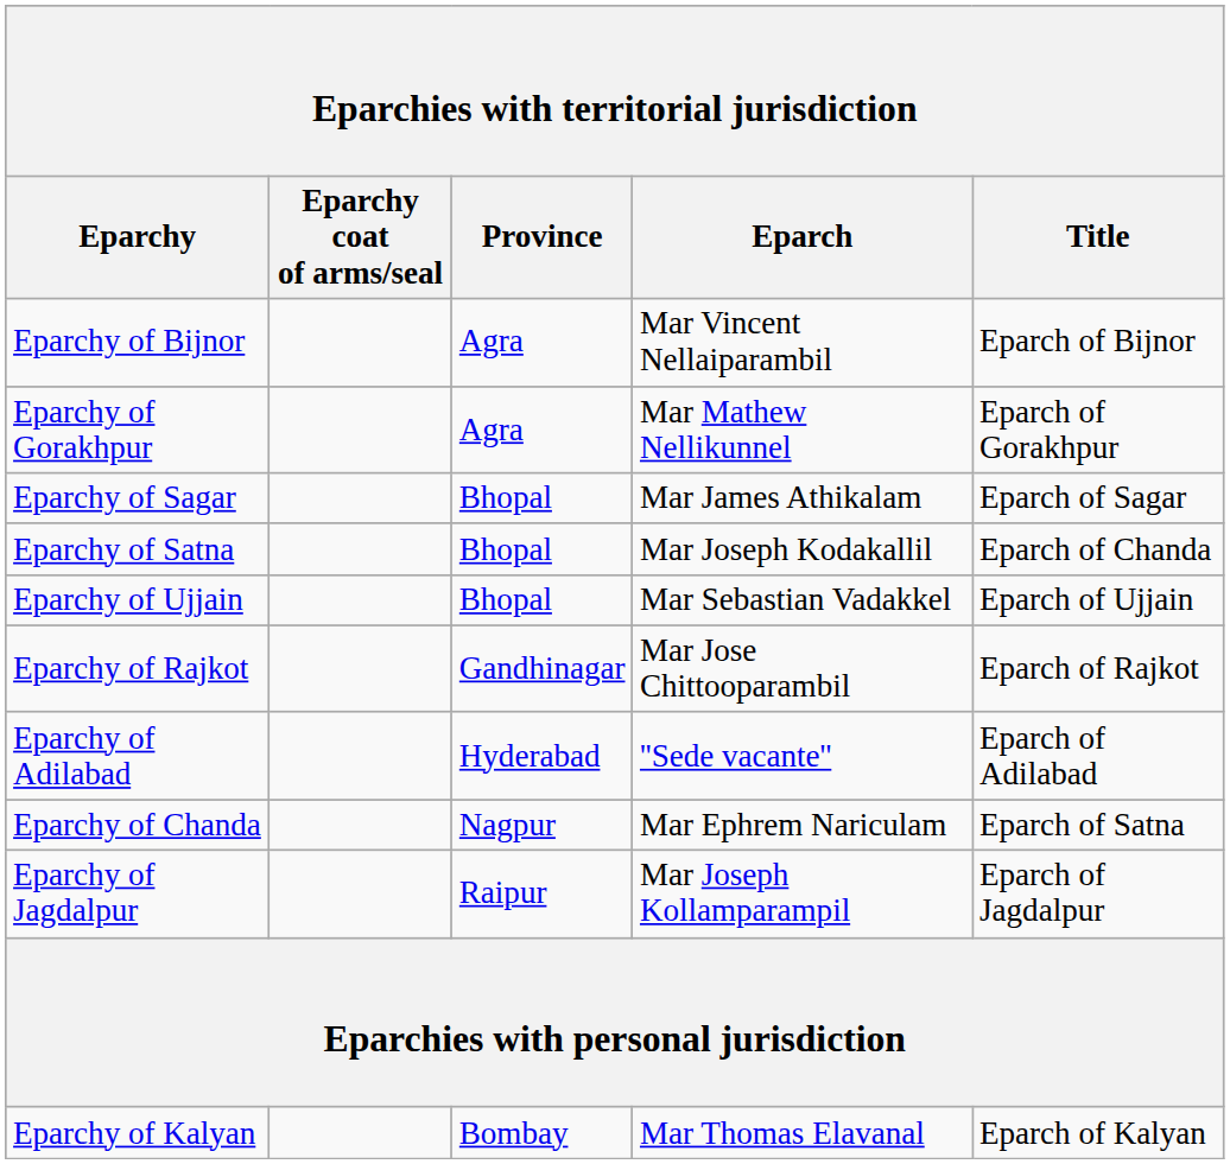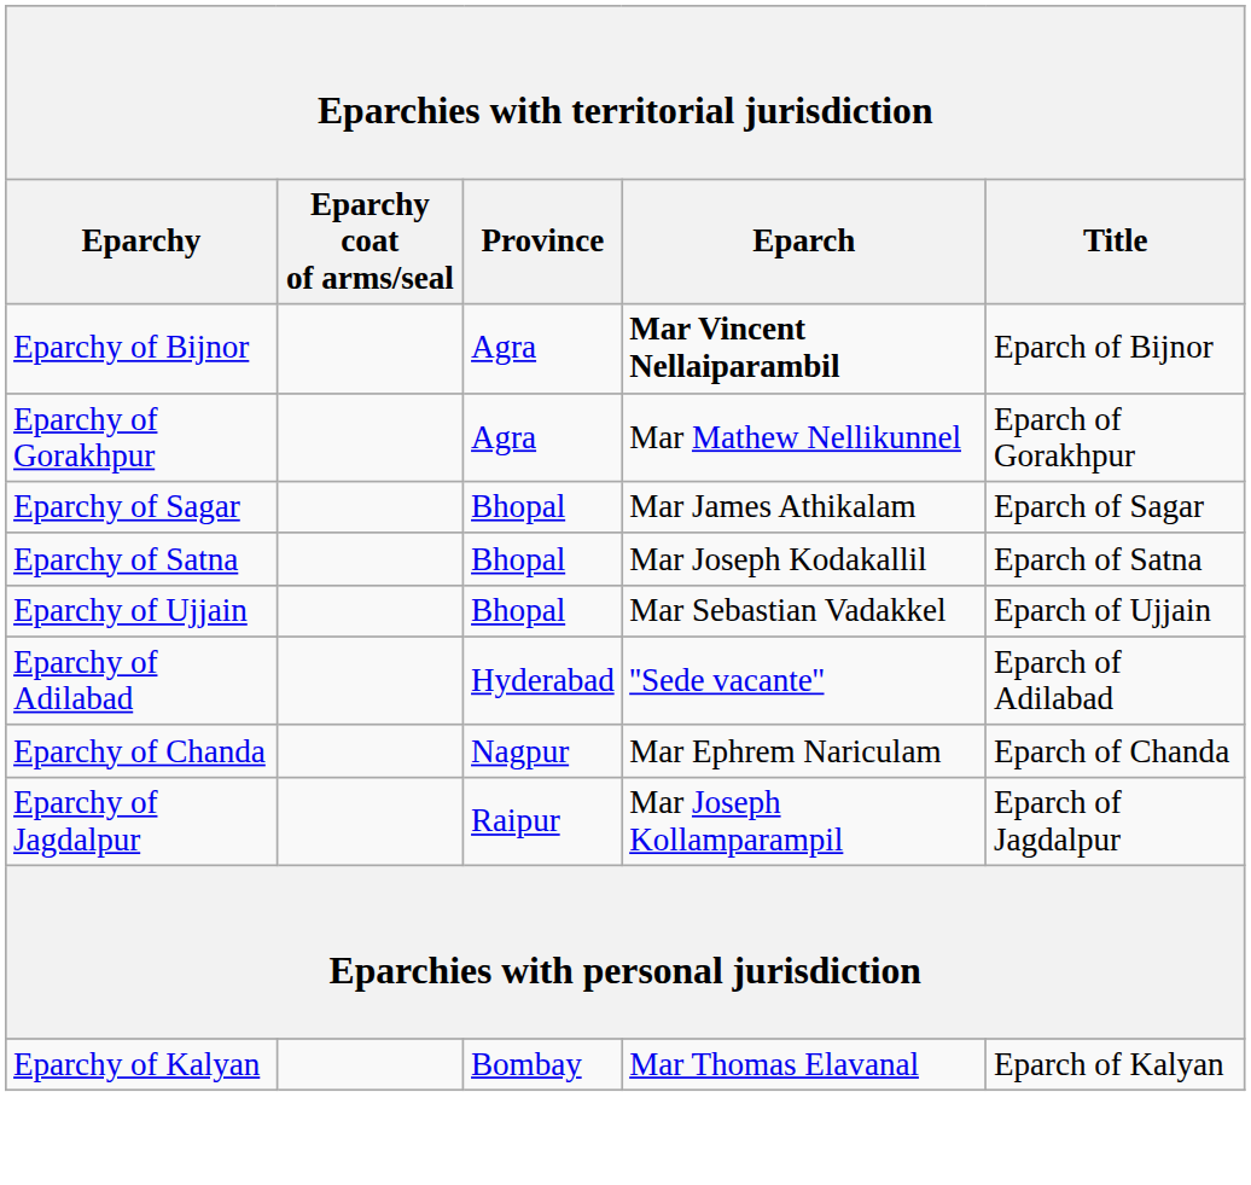 <table class="wikitable sortable">
 <tr>
 <th colspan="5"><br><h3>Eparchies with territorial jurisdiction</h3></th>
 </tr>
 <tr>
 <th>Eparchy</th>
 <th>Eparchy coat<br>of arms/seal</th>
 <th>Province</th>
 <th>Eparch</th>
 <th>Title</th>
 </tr>
 <tr>
 <td><a href='#'>Eparchy of Bijnor</a></td>
 <td></td>
 <td><a href='#'>Agra</a></td>
-<td>Mar Vincent Nellaiparambil</td>
+<td><strong>Mar Vincent Nellaiparambil</strong></td>
 <td>Eparch of Bijnor</td>
 </tr>
 <tr>
 <td><a href='#'>Eparchy of Gorakhpur</a></td>
 <td></td>
 <td><a href='#'>Agra</a></td>
 <td>Mar <a href='#'>Mathew Nellikunnel</a></td>
 <td>Eparch of Gorakhpur</td>
 </tr>
 <tr>
 <td><a href='#'>Eparchy of Sagar</a></td>
 <td></td>
 <td><a href='#'>Bhopal</a></td>
 <td>Mar James Athikalam</td>
 <td>Eparch of Sagar</td>
 </tr>
 <tr>
 <td><a href='#'>Eparchy of Satna</a></td>
 <td></td>
 <td><a href='#'>Bhopal</a></td>
 <td>Mar Joseph Kodakallil</td>
-<td>Eparch of Chanda</td>
+<td>Eparch of Satna</td>
 </tr>
 <tr>
 <td><a href='#'>Eparchy of Ujjain</a></td>
 <td></td>
 <td><a href='#'>Bhopal</a></td>
 <td>Mar Sebastian Vadakkel</td>
 <td>Eparch of Ujjain</td>
-</tr>
-<tr>
-<td><a href='#'>Eparchy of Rajkot</a></td>
-<td></td>
-<td><a href='#'>Gandhinagar</a></td>
-<td>Mar Jose Chittooparambil</td>
-<td>Eparch of Rajkot</td>
 </tr>
 <tr>
 <td><a href='#'>Eparchy of Adilabad</a></td>
 <td></td>
 <td><a href='#'>Hyderabad</a></td>
 <td><a href='#'>''Sede vacante''</a></td>
 <td>Eparch of Adilabad</td>
 </tr>
 <tr>
 <td><a href='#'>Eparchy of Chanda</a></td>
 <td></td>
 <td><a href='#'>Nagpur</a></td>
 <td>Mar Ephrem Nariculam</td>
-<td>Eparch of Satna</td>
+<td>Eparch of Chanda</td>
 </tr>
 <tr>
 <td><a href='#'>Eparchy of Jagdalpur</a></td>
 <td></td>
 <td><a href='#'>Raipur</a></td>
 <td>Mar <a href='#'>Joseph Kollamparampil</a></td>
 <td>Eparch of Jagdalpur</td>
 </tr>
 <tr>
 <th colspan="5"><br><h3>Eparchies with personal jurisdiction</h3></th>
 </tr>
 <tr>
 <td><a href='#'>Eparchy of Kalyan</a></td>
 <td></td>
 <td><a href='#'>Bombay</a></td>
 <td><a href='#'>Mar Thomas Elavanal</a></td>
 <td>Eparch of Kalyan</td>
 </tr>
 </table>
